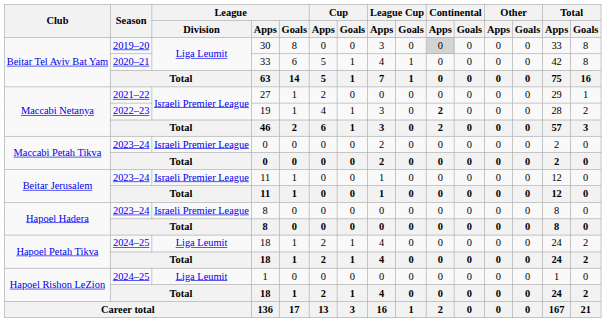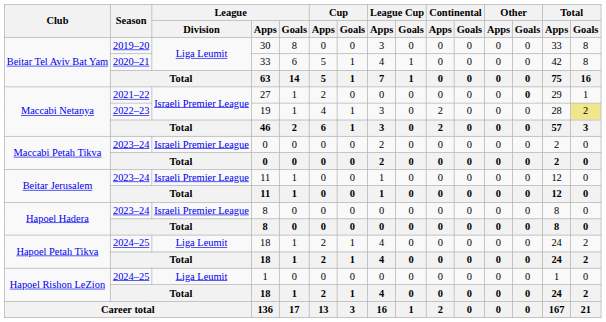 <table class="wikitable" style="text-align: center">
 <tr>
 <th rowspan="2">Club</th>
 <th rowspan="2">Season</th>
 <th colspan="3">League</th>
 <th colspan="2">Cup</th>
 <th colspan="2">League Cup</th>
 <th colspan="2">Continental</th>
 <th colspan="2">Other</th>
 <th colspan="2">Total</th>
 </tr>
 <tr>
 <th>Division</th>
 <th>Apps</th>
 <th>Goals</th>
 <th>Apps</th>
 <th>Goals</th>
 <th>Apps</th>
 <th>Goals</th>
 <th>Apps</th>
 <th>Goals</th>
 <th>Apps</th>
 <th>Goals</th>
 <th>Apps</th>
 <th>Goals</th>
 </tr>
 <tr>
 <td rowspan="3"><a href='#'>Beitar Tel Aviv Bat Yam</a></td>
 <td><a href='#'>2019–20</a></td>
 <td rowspan="2"><a href='#'>Liga Leumit</a></td>
 <td>30</td>
 <td>8</td>
 <td>0</td>
 <td>0</td>
 <td>3</td>
 <td>0</td>
-<td style="background: lightgrey;">0</td>
+<td>0</td>
 <td>0</td>
 <td>0</td>
 <td>0</td>
 <td>33</td>
 <td>8</td>
 </tr>
 <tr>
 <td><a href='#'>2020–21</a></td>
 <td>33</td>
 <td>6</td>
 <td>5</td>
 <td>1</td>
 <td>4</td>
 <td>1</td>
 <td>0</td>
 <td>0</td>
 <td>0</td>
 <td>0</td>
 <td>42</td>
 <td>8</td>
 </tr>
 <tr>
 <th colspan="2">Total</th>
 <th>63</th>
 <th>14</th>
 <th>5</th>
 <th>1</th>
 <th>7</th>
 <th>1</th>
 <th>0</th>
 <th>0</th>
 <th>0</th>
 <th>0</th>
 <th>75</th>
 <th>16</th>
 </tr>
 <tr>
 <td rowspan="3"><a href='#'>Maccabi Netanya</a></td>
 <td><a href='#'>2021–22</a></td>
 <td rowspan="2"><a href='#'>Israeli Premier League</a></td>
 <td>27</td>
 <td>1</td>
 <td>2</td>
 <td>0</td>
 <td>0</td>
 <td>0</td>
 <td>0</td>
 <td>0</td>
 <td>0</td>
-<td>0</td>
+<td><strong>0</strong></td>
 <td>29</td>
 <td>1</td>
 </tr>
 <tr>
 <td><a href='#'>2022–23</a></td>
 <td>19</td>
 <td>1</td>
 <td>4</td>
 <td>1</td>
 <td>3</td>
 <td>0</td>
-<td><strong>2</strong></td>
+<td>2</td>
 <td>0</td>
 <td>0</td>
 <td>0</td>
 <td>28</td>
-<td>2</td>
+<td style="background: khaki;">2</td>
 </tr>
 <tr>
 <th colspan="2">Total</th>
 <th>46</th>
 <th>2</th>
 <th>6</th>
 <th>1</th>
 <th>3</th>
 <th>0</th>
 <th>2</th>
 <th>0</th>
 <th>0</th>
 <th>0</th>
 <th>57</th>
 <th>3</th>
 </tr>
 <tr>
 <td rowspan="2"><a href='#'>Maccabi Petah Tikva</a></td>
 <td><a href='#'>2023–24</a></td>
 <td rowspan="1"><a href='#'>Israeli Premier League</a></td>
 <td>0</td>
 <td>0</td>
 <td>0</td>
 <td>0</td>
 <td>2</td>
 <td>0</td>
 <td>0</td>
 <td>0</td>
 <td>0</td>
 <td>0</td>
 <td>2</td>
 <td>0</td>
 </tr>
 <tr>
 <th colspan="2">Total</th>
 <th>0</th>
 <th>0</th>
 <th>0</th>
 <th>0</th>
 <th>2</th>
 <th>0</th>
 <th>0</th>
 <th>0</th>
 <th>0</th>
 <th>0</th>
 <th>2</th>
 <th>0</th>
 </tr>
 <tr>
 <td rowspan="2"><a href='#'>Beitar Jerusalem</a></td>
 <td><a href='#'>2023–24</a></td>
 <td rowspan="1"><a href='#'>Israeli Premier League</a></td>
 <td>11</td>
 <td>1</td>
 <td>0</td>
 <td>0</td>
 <td>1</td>
 <td>0</td>
 <td>0</td>
 <td>0</td>
 <td>0</td>
 <td>0</td>
 <td>12</td>
 <td>0</td>
 </tr>
 <tr>
 <th colspan="2">Total</th>
 <th>11</th>
 <th>1</th>
 <th>0</th>
 <th>0</th>
 <th>1</th>
 <th>0</th>
 <th>0</th>
 <th>0</th>
 <th>0</th>
 <th>0</th>
 <th>12</th>
 <th>0</th>
 </tr>
 <tr>
 <td rowspan="2"><a href='#'>Hapoel Hadera</a></td>
 <td><a href='#'>2023–24</a></td>
 <td rowspan="1"><a href='#'>Israeli Premier League</a></td>
 <td>8</td>
 <td>0</td>
 <td>0</td>
 <td>0</td>
 <td>0</td>
 <td>0</td>
 <td>0</td>
 <td>0</td>
 <td>0</td>
 <td>0</td>
 <td>8</td>
 <td>0</td>
 </tr>
 <tr>
 <th colspan="2">Total</th>
 <th>8</th>
 <th>0</th>
 <th>0</th>
 <th>0</th>
 <th>0</th>
 <th>0</th>
 <th>0</th>
 <th>0</th>
 <th>0</th>
 <th>0</th>
 <th>8</th>
 <th>0</th>
 </tr>
 <tr>
 <td rowspan="2"><a href='#'>Hapoel Petah Tikva</a></td>
 <td><a href='#'>2024–25</a></td>
 <td rowspan="1"><a href='#'>Liga Leumit</a></td>
 <td>18</td>
 <td>1</td>
 <td>2</td>
 <td>1</td>
 <td>4</td>
 <td>0</td>
 <td>0</td>
 <td>0</td>
 <td>0</td>
 <td>0</td>
 <td>24</td>
 <td>2</td>
 </tr>
 <tr>
 <th colspan="2">Total</th>
 <th>18</th>
 <th>1</th>
 <th>2</th>
 <th>1</th>
 <th>4</th>
 <th>0</th>
 <th>0</th>
 <th>0</th>
 <th>0</th>
 <th>0</th>
 <th>24</th>
 <th>2</th>
 </tr>
 <tr>
 <td rowspan="2"><a href='#'>Hapoel Rishon LeZion</a></td>
 <td><a href='#'>2024–25</a></td>
 <td rowspan="1"><a href='#'>Liga Leumit</a></td>
 <td>1</td>
 <td>0</td>
 <td>0</td>
 <td>0</td>
 <td>0</td>
 <td>0</td>
 <td>0</td>
 <td>0</td>
 <td>0</td>
 <td>0</td>
 <td>1</td>
 <td>0</td>
 </tr>
 <tr>
 <th colspan="2">Total</th>
 <th>18</th>
 <th>1</th>
 <th>2</th>
 <th>1</th>
 <th>4</th>
 <th>0</th>
 <th>0</th>
 <th>0</th>
 <th>0</th>
 <th>0</th>
 <th>24</th>
 <th>2</th>
 </tr>
 <tr>
 <th colspan="3">Career total</th>
 <th>136</th>
 <th>17</th>
 <th>13</th>
 <th>3</th>
 <th>16</th>
 <th>1</th>
 <th>2</th>
 <th>0</th>
 <th>0</th>
 <th>0</th>
 <th>167</th>
 <th>21</th>
 </tr>
 </table>
